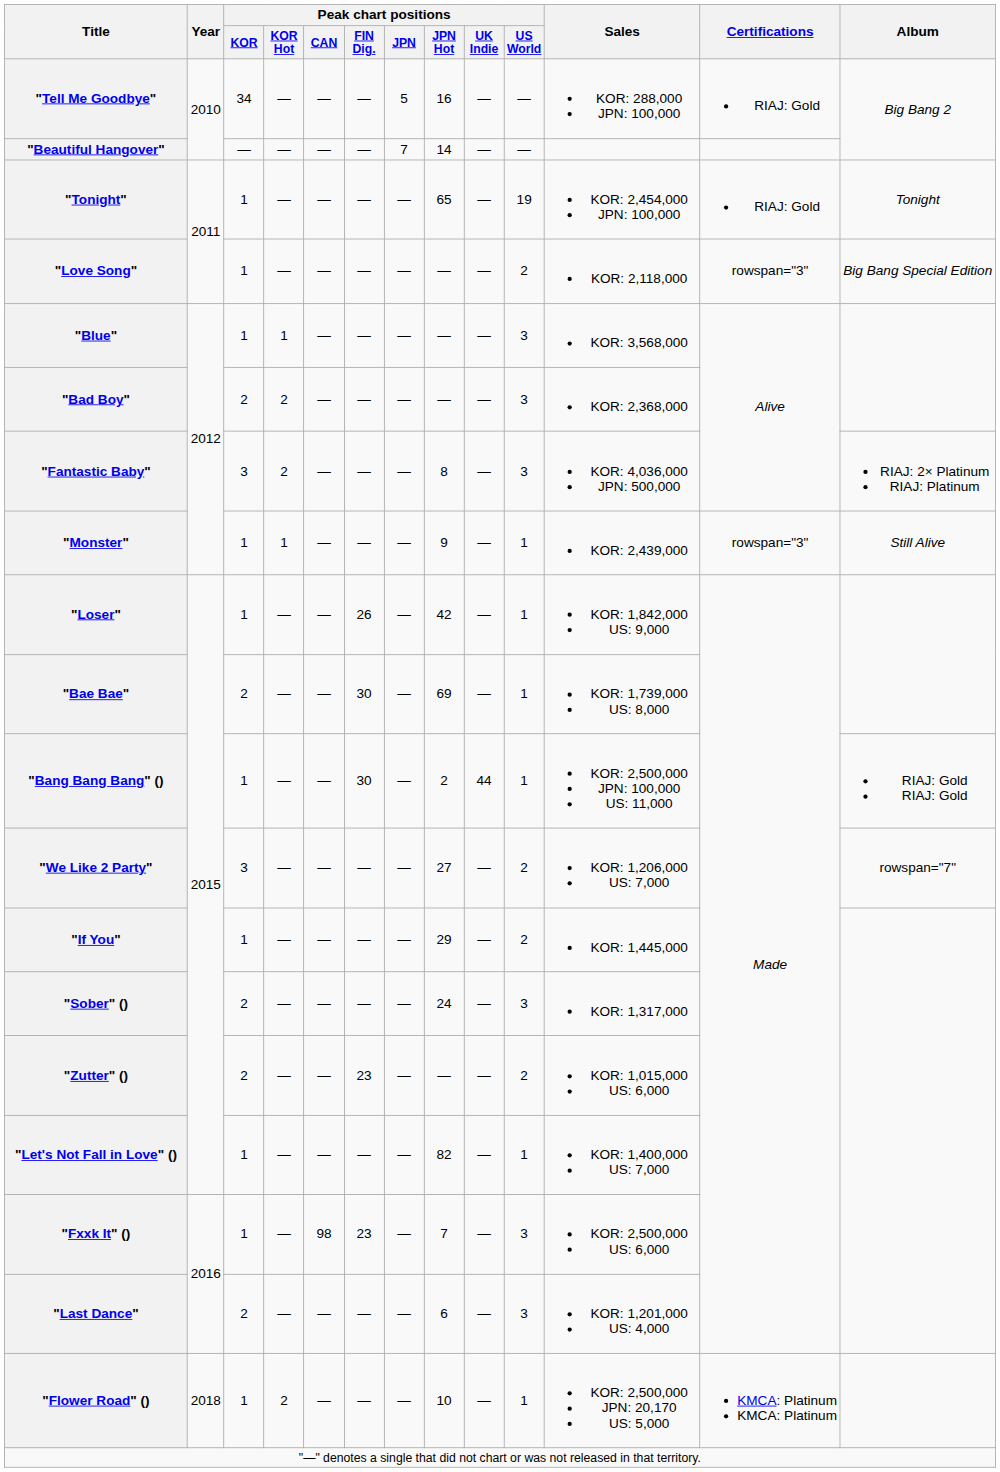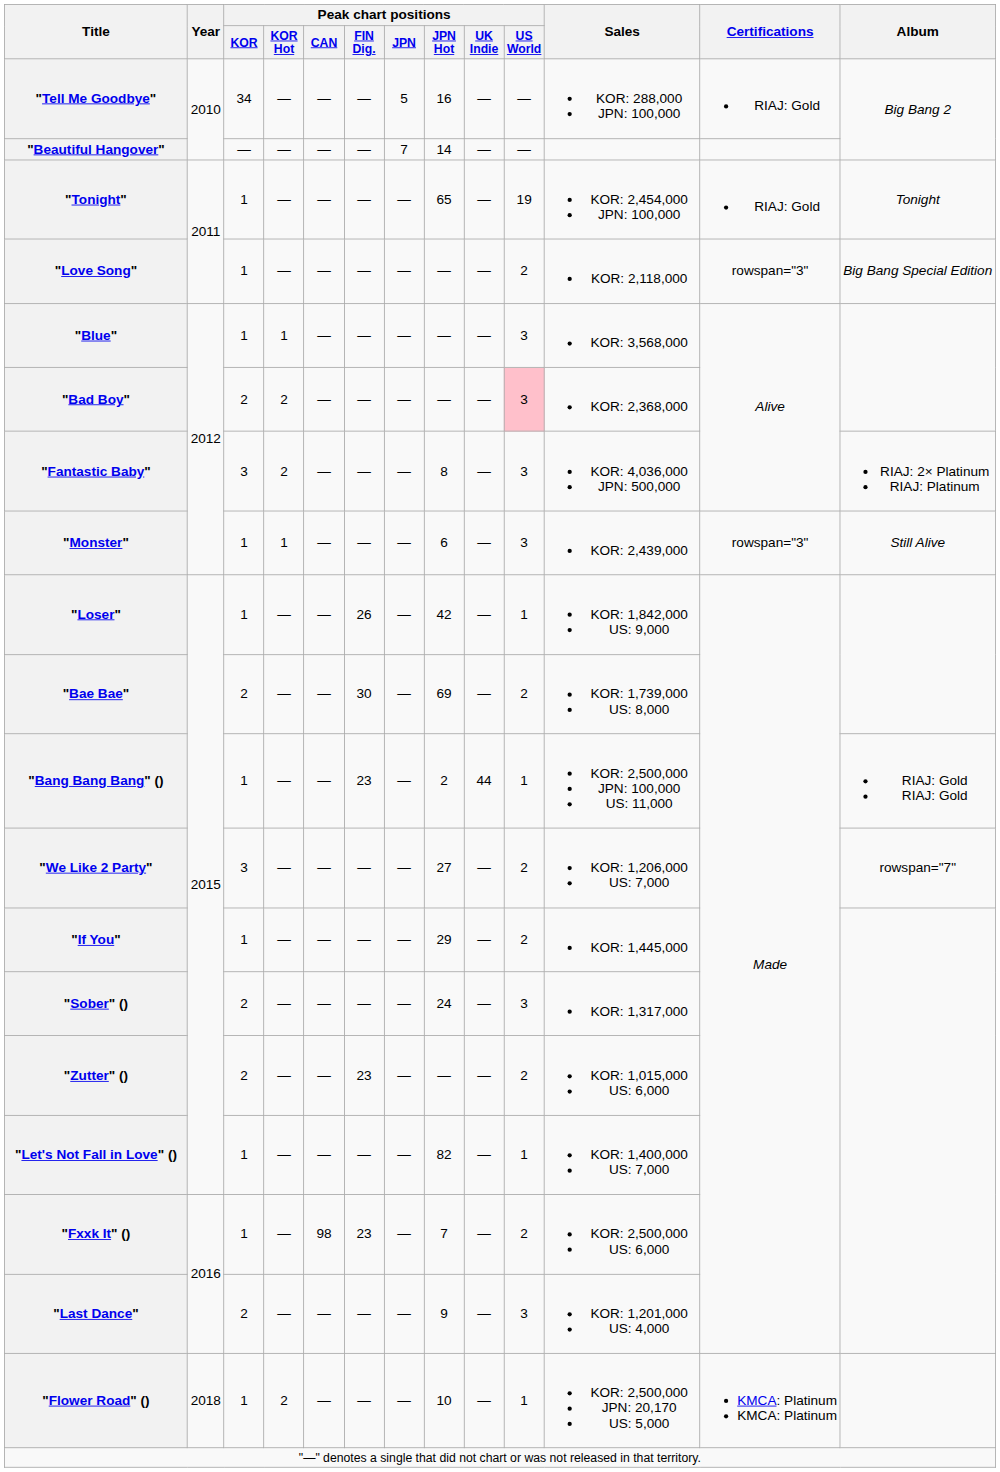 <table class="wikitable plainrowheaders" style="text-align:center;">
 <tr>
 <th rowspan="2" scope="col" style="width:13em;">Title</th>
 <th rowspan="2" scope="col">Year</th>
 <th colspan="8" scope="col">Peak chart positions</th>
 <th rowspan="2" scope="col" style="width:11em;">Sales</th>
 <th rowspan="2" scope="col"><a href='#'>Certifications</a></th>
 <th rowspan="2" scope="col">Album</th>
 </tr>
 <tr>
 <th scope="col" style="width:2.8em;font-size:90%;"><a href='#'>KOR</a><br></th>
 <th scope="col" style="width:2.8em;font-size:90%;"><a href='#'>KOR Hot</a><br></th>
 <th scope="col" style="width:2.8em;font-size:90%;"><a href='#'>CAN</a><br></th>
 <th scope="col" style="width:2.8em;font-size:90%;"><a href='#'>FIN Dig.</a><br></th>
 <th scope="col" style="width:2.8em;font-size:90%;"><a href='#'>JPN</a><br></th>
 <th scope="col" style="width:2.8em;font-size:90%;"><a href='#'>JPN Hot</a><br></th>
 <th scope="col" style="width:2.8em;font-size:90%;"><a href='#'>UK Indie</a><br></th>
 <th scope="col" style="width:2.8em;font-size:90%;"><a href='#'>US<br>World</a><br></th>
 </tr>
 <tr>
 <th scope="row">"<a href='#'>Tell Me Goodbye</a>"</th>
 <td rowspan="2">2010</td>
 <td>34</td>
 <td>—</td>
 <td>—</td>
 <td>—</td>
 <td>5</td>
 <td>16</td>
 <td>—</td>
 <td>—</td>
 <td><br><ul><li>KOR: 288,000</li><li>JPN: 100,000</li></ul></td>
 <td><br><ul><li>RIAJ: Gold </li></ul></td>
 <td rowspan="2"><em>Big Bang 2</em></td>
 </tr>
 <tr>
 <th scope="row">"<a href='#'>Beautiful Hangover</a>"</th>
 <td>—</td>
 <td>—</td>
 <td>—</td>
 <td>—</td>
 <td>7</td>
 <td>14</td>
 <td>—</td>
 <td>—</td>
 <td></td>
 <td></td>
 </tr>
 <tr>
 <th scope="row">"<a href='#'>Tonight</a>"</th>
 <td rowspan="2">2011</td>
 <td>1</td>
 <td>—</td>
 <td>—</td>
 <td>—</td>
 <td>—</td>
 <td>65</td>
 <td>—</td>
 <td>19</td>
 <td><br><ul><li>KOR: 2,454,000</li><li>JPN: 100,000</li></ul></td>
 <td><br><ul><li>RIAJ: Gold </li></ul></td>
 <td><em>Tonight</em></td>
 </tr>
 <tr>
 <th scope="row">"<a href='#'>Love Song</a>"</th>
 <td>1</td>
 <td>—</td>
 <td>—</td>
 <td>—</td>
 <td>—</td>
 <td>—</td>
 <td>—</td>
 <td>2</td>
 <td><br><ul><li>KOR: 2,118,000</li></ul></td>
 <td>rowspan="3" </td>
 <td><em>Big Bang Special Edition</em></td>
 </tr>
 <tr>
 <th scope="row">"<a href='#'>Blue</a>"</th>
 <td rowspan="4">2012</td>
 <td>1</td>
 <td>1</td>
 <td>—</td>
 <td>—</td>
 <td>—</td>
 <td>—</td>
 <td>—</td>
 <td>3</td>
 <td><br><ul><li>KOR: 3,568,000</li></ul></td>
 <td rowspan="3"><em>Alive</em></td>
 </tr>
 <tr>
 <th scope="row">"<a href='#'>Bad Boy</a>"</th>
 <td>2</td>
 <td>2</td>
 <td>—</td>
 <td>—</td>
 <td>—</td>
 <td>—</td>
 <td>—</td>
-<td>3</td>
+<td style="background: pink;">3</td>
 <td><br><ul><li>KOR: 2,368,000</li></ul></td>
 </tr>
 <tr>
 <th scope="row">"<a href='#'>Fantastic Baby</a>"</th>
 <td>3</td>
 <td>2</td>
 <td>—</td>
 <td>—</td>
 <td>—</td>
 <td>8</td>
 <td>—</td>
 <td>3</td>
 <td><br><ul><li>KOR: 4,036,000</li><li>JPN: 500,000</li></ul></td>
 <td><br><ul><li>RIAJ: 2× Platinum </li><li>RIAJ: Platinum </li></ul></td>
 </tr>
 <tr>
 <th scope="row">"<a href='#'>Monster</a>"</th>
 <td>1</td>
 <td>1</td>
 <td>—</td>
 <td>—</td>
 <td>—</td>
-<td>9</td>
+<td>6</td>
 <td>—</td>
-<td>1</td>
+<td>3</td>
 <td><br><ul><li>KOR: 2,439,000</li></ul></td>
 <td>rowspan="3" </td>
 <td><em>Still Alive</em></td>
 </tr>
 <tr>
 <th scope="row">"<a href='#'>Loser</a>"</th>
 <td rowspan="8">2015</td>
 <td>1</td>
 <td>—</td>
 <td>—</td>
 <td>26</td>
 <td>—</td>
 <td>42</td>
 <td>—</td>
 <td>1</td>
 <td><br><ul><li>KOR: 1,842,000</li><li>US: 9,000</li></ul></td>
 <td rowspan="10"><em>Made</em></td>
 </tr>
 <tr>
 <th scope="row">"<a href='#'>Bae Bae</a>"</th>
 <td>2</td>
 <td>—</td>
 <td>—</td>
 <td>30</td>
 <td>—</td>
 <td>69</td>
 <td>—</td>
-<td>1</td>
+<td>2</td>
 <td><br><ul><li>KOR: 1,739,000</li><li>US: 8,000</li></ul></td>
 </tr>
 <tr>
 <th scope="row">"<a href='#'>Bang Bang Bang</a>" ()</th>
 <td>1</td>
 <td>—</td>
 <td>—</td>
-<td>30</td>
+<td>23</td>
 <td>—</td>
 <td>2</td>
 <td>44</td>
 <td>1</td>
 <td><br><ul><li>KOR: 2,500,000</li><li>JPN: 100,000</li><li>US: 11,000</li></ul></td>
 <td><br><ul><li>RIAJ: Gold </li><li>RIAJ: Gold </li></ul></td>
 </tr>
 <tr>
 <th scope="row">"<a href='#'>We Like 2 Party</a>"</th>
 <td>3</td>
 <td>—</td>
 <td>—</td>
 <td>—</td>
 <td>—</td>
 <td>27</td>
 <td>—</td>
 <td>2</td>
 <td><br><ul><li>KOR: 1,206,000</li><li>US: 7,000</li></ul></td>
 <td>rowspan="7" </td>
 </tr>
 <tr>
 <th scope="row">"<a href='#'>If You</a>"</th>
 <td>1</td>
 <td>—</td>
 <td>—</td>
 <td>—</td>
 <td>—</td>
 <td>29</td>
 <td>—</td>
 <td>2</td>
 <td><br><ul><li>KOR: 1,445,000</li></ul></td>
 </tr>
 <tr>
 <th scope="row">"<a href='#'>Sober</a>" ()</th>
 <td>2</td>
 <td>—</td>
 <td>—</td>
 <td>—</td>
 <td>—</td>
 <td>24</td>
 <td>—</td>
 <td>3</td>
 <td><br><ul><li>KOR: 1,317,000</li></ul></td>
 </tr>
 <tr>
 <th scope="row">"<a href='#'>Zutter</a>" ()<br></th>
 <td>2</td>
 <td>—</td>
 <td>—</td>
 <td>23</td>
 <td>—</td>
 <td>—</td>
 <td>—</td>
 <td>2</td>
 <td><br><ul><li>KOR: 1,015,000</li><li>US: 6,000</li></ul></td>
 </tr>
 <tr>
 <th scope="row">"<a href='#'>Let's Not Fall in Love</a>" ()</th>
 <td>1</td>
 <td>—</td>
 <td>—</td>
 <td>—</td>
 <td>—</td>
 <td>82</td>
 <td>—</td>
 <td>1</td>
 <td><br><ul><li>KOR: 1,400,000</li><li>US: 7,000</li></ul></td>
 </tr>
 <tr>
 <th scope="row">"<a href='#'>Fxxk It</a>" ()</th>
 <td rowspan="2">2016</td>
 <td>1</td>
 <td>—</td>
 <td>98</td>
 <td>23</td>
 <td>—</td>
 <td>7</td>
 <td>—</td>
-<td>3</td>
+<td>2</td>
 <td><br><ul><li>KOR: 2,500,000</li><li>US: 6,000</li></ul></td>
 </tr>
 <tr>
 <th scope="row">"<a href='#'>Last Dance</a>"</th>
 <td>2</td>
 <td>—</td>
 <td>—</td>
 <td>—</td>
 <td>—</td>
-<td>6</td>
+<td>9</td>
 <td>—</td>
 <td>3</td>
 <td><br><ul><li>KOR: 1,201,000</li><li>US: 4,000</li></ul></td>
 </tr>
 <tr>
 <th scope="row">"<a href='#'>Flower Road</a>" ()</th>
 <td>2018</td>
 <td>1</td>
 <td>2</td>
 <td>—</td>
 <td>—</td>
 <td>—</td>
 <td>10</td>
 <td>—</td>
 <td>1</td>
 <td><br><ul><li>KOR: 2,500,000</li><li>JPN: 20,170</li><li>US: 5,000</li></ul></td>
 <td><br><ul><li><a href='#'>KMCA</a>: Platinum </li><li>KMCA: Platinum </li></ul></td>
 <td></td>
 </tr>
 <tr>
 <td colspan="13" style="font-size:90%">"—" denotes a single that did not chart or was not released in that territory.</td>
 </tr>
 </table>
